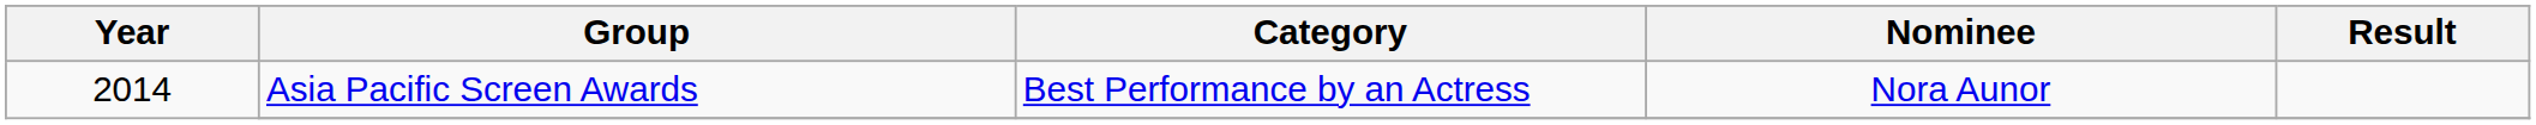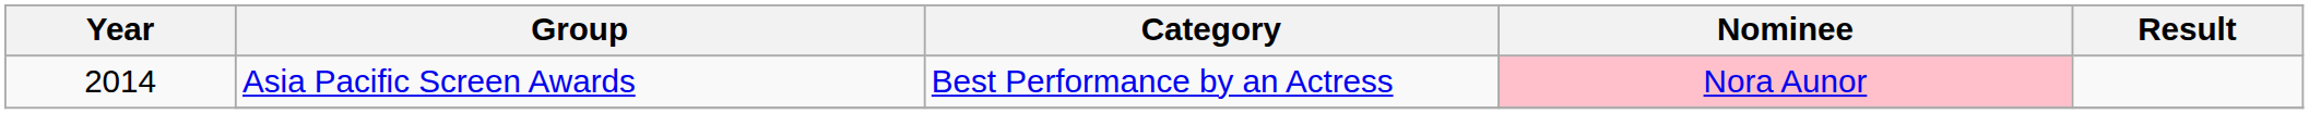 <table width="90%" class="wikitable sortable">
 <tr>
 <th width="10%">Year</th>
 <th width="30%">Group</th>
 <th width="25%">Category</th>
 <th width="25%">Nominee</th>
 <th width="10%">Result</th>
 </tr>
 <tr>
 <td rowspan="5" align="center">2014</td>
 <td align="left"><a href='#'>Asia Pacific Screen Awards</a></td>
 <td align="left"><a href='#'>Best Performance by an Actress</a></td>
-<td align="center"><a href='#'>Nora Aunor</a></td>
+<td align="center" style="background: pink;"><a href='#'>Nora Aunor</a></td>
 <td></td>
 </tr>
 <tr>
 </tr>
 </table>
